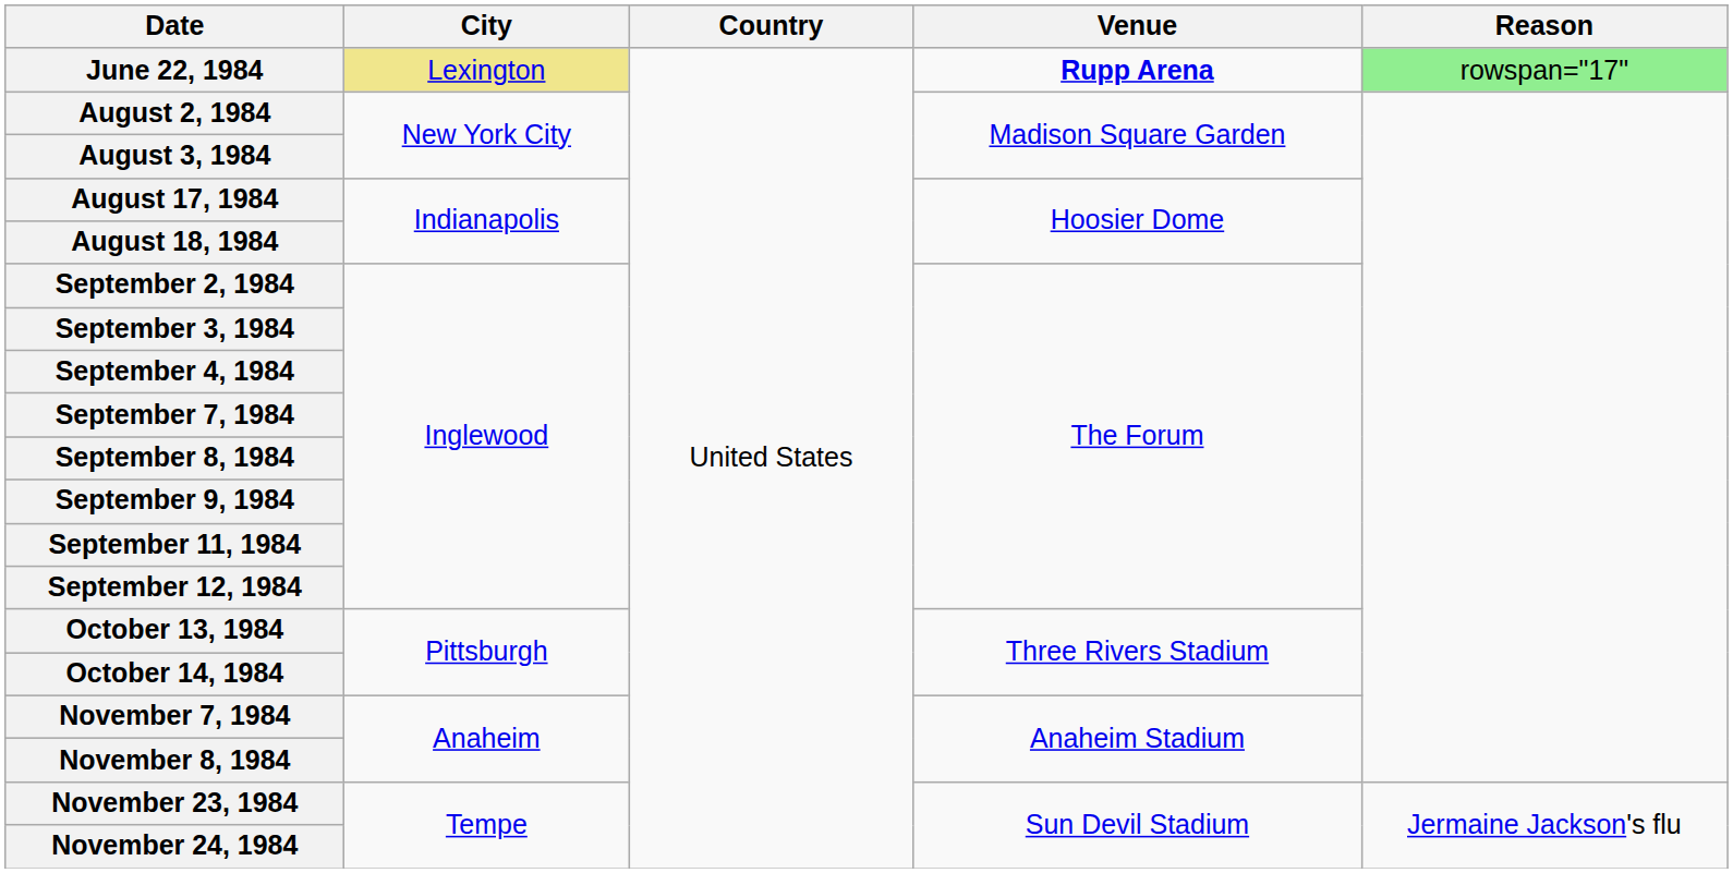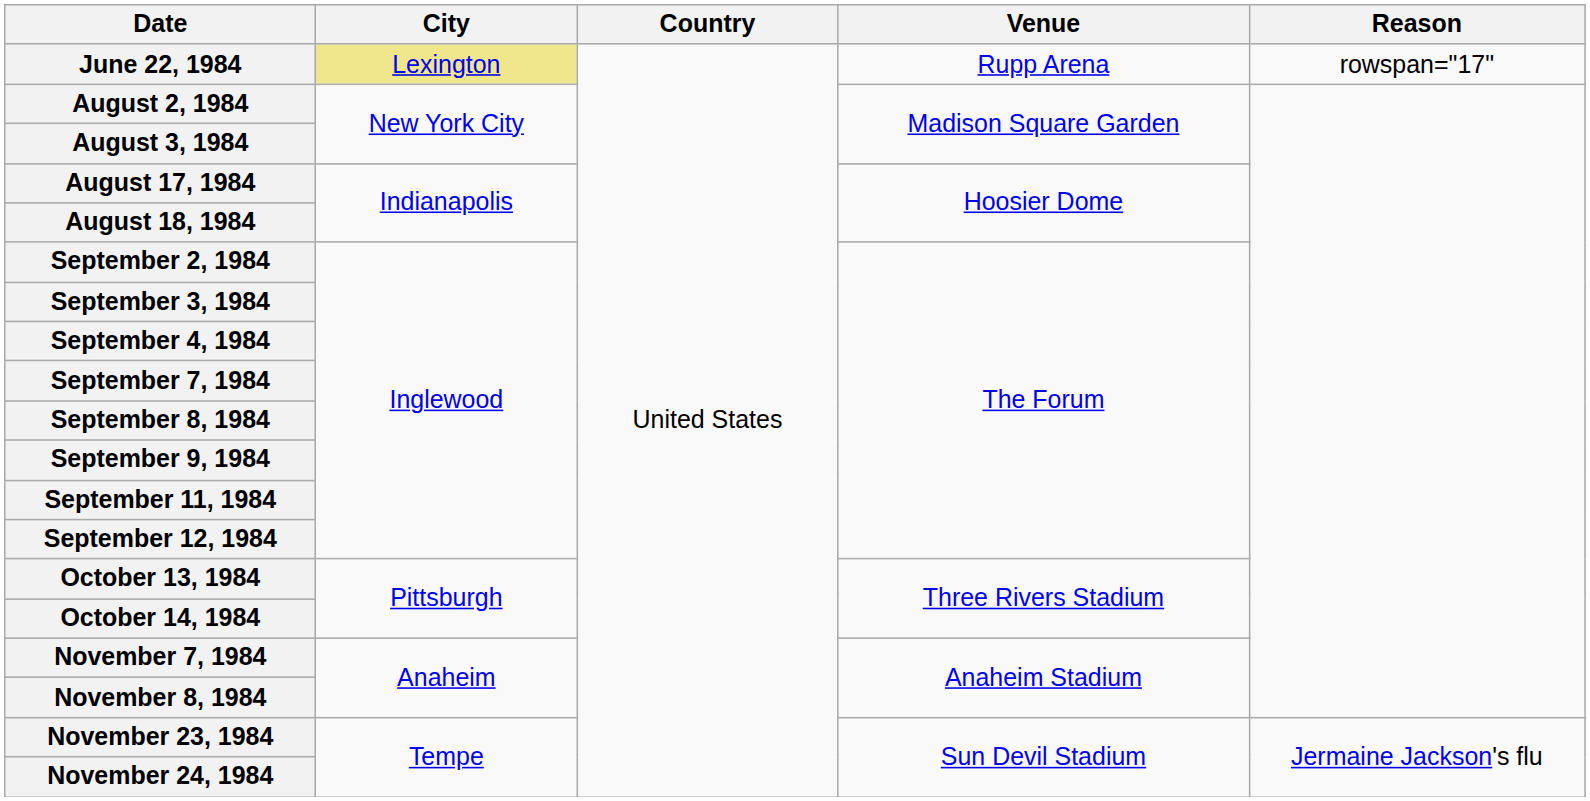 <table class="wikitable plainrowheaders" style="text-align:center;">
 <tr>
 <th scope="col" style="width:12em;">Date</th>
 <th scope="col" style="width:10em;">City</th>
 <th scope="col" style="width:10em;">Country</th>
 <th scope="col" style="width:16em;">Venue</th>
 <th scope="col" style="width:13em;">Reason</th>
 </tr>
 <tr>
 <th scope="row" style="text-align:center">June 22, 1984</th>
 <td style="background: khaki;"><a href='#'>Lexington</a></td>
 <td rowspan="19">United States</td>
-<td><strong><a href='#'>Rupp Arena</a></strong></td>
-<td style="background: lightgreen;">rowspan="17" </td>
+<td><a href='#'>Rupp Arena</a></td>
+<td>rowspan="17" </td>
 </tr>
 <tr>
 <th scope="row" style="text-align:center">August 2, 1984</th>
 <td rowspan="2"><a href='#'>New York City</a></td>
 <td rowspan="2"><a href='#'>Madison Square Garden</a></td>
 </tr>
 <tr>
 <th scope="row" style="text-align:center">August 3, 1984</th>
 </tr>
 <tr>
 <th scope="row" style="text-align:center">August 17, 1984</th>
 <td rowspan="2"><a href='#'>Indianapolis</a></td>
 <td rowspan="2"><a href='#'>Hoosier Dome</a></td>
 </tr>
 <tr>
 <th scope="row" style="text-align:center">August 18, 1984</th>
 </tr>
 <tr>
 <th scope="row" style="text-align:center">September 2, 1984</th>
 <td rowspan="8"><a href='#'>Inglewood</a></td>
 <td rowspan="8"><a href='#'>The Forum</a></td>
 </tr>
 <tr>
 <th scope="row" style="text-align:center">September 3, 1984</th>
 </tr>
 <tr>
 <th scope="row" style="text-align:center">September 4, 1984</th>
 </tr>
 <tr>
 <th scope="row" style="text-align:center">September 7, 1984</th>
 </tr>
 <tr>
 <th scope="row" style="text-align:center">September 8, 1984</th>
 </tr>
 <tr>
 <th scope="row" style="text-align:center">September 9, 1984</th>
 </tr>
 <tr>
 <th scope="row" style="text-align:center">September 11, 1984</th>
 </tr>
 <tr>
 <th scope="row" style="text-align:center">September 12, 1984</th>
 </tr>
 <tr>
 <th scope="row" style="text-align:center">October 13, 1984</th>
 <td rowspan="2"><a href='#'>Pittsburgh</a></td>
 <td rowspan="2"><a href='#'>Three Rivers Stadium</a></td>
 </tr>
 <tr>
 <th scope="row" style="text-align:center">October 14, 1984</th>
 </tr>
 <tr>
 <th scope="row" style="text-align:center">November 7, 1984</th>
 <td rowspan="2"><a href='#'>Anaheim</a></td>
 <td rowspan="2"><a href='#'>Anaheim Stadium</a></td>
 </tr>
 <tr>
 <th scope="row" style="text-align:center">November 8, 1984</th>
 </tr>
 <tr>
 <th scope="row" style="text-align:center">November 23, 1984</th>
 <td rowspan="2"><a href='#'>Tempe</a></td>
 <td rowspan="2"><a href='#'>Sun Devil Stadium</a></td>
 <td rowspan="2"><a href='#'>Jermaine Jackson</a>'s flu</td>
 </tr>
 <tr>
 <th scope="row" style="text-align:center">November 24, 1984</th>
 </tr>
 </table>
